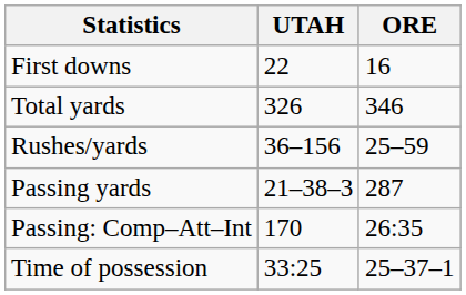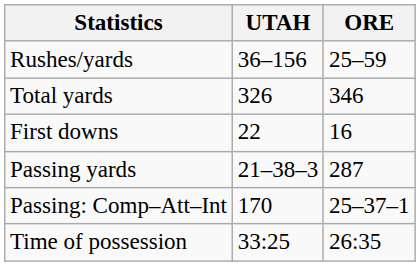 <table class="wikitable" style="float: left;">
 <tr>
 <th>Statistics</th>
 <th>UTAH</th>
 <th>ORE</th>
 </tr>
 <tr>
-<td>First downs</td>
-<td>22</td>
-<td>16</td>
+<td>Rushes/yards</td>
+<td>36–156</td>
+<td>25–59</td>
 </tr>
 <tr>
 <td>Total yards</td>
 <td>326</td>
 <td>346</td>
 </tr>
 <tr>
-<td>Rushes/yards</td>
-<td>36–156</td>
-<td>25–59</td>
+<td>First downs</td>
+<td>22</td>
+<td>16</td>
 </tr>
 <tr>
 <td>Passing yards</td>
 <td>21–38–3</td>
 <td>287</td>
 </tr>
 <tr>
 <td>Passing: Comp–Att–Int</td>
 <td>170</td>
-<td>26:35</td>
+<td>25–37–1</td>
 </tr>
 <tr>
 <td>Time of possession</td>
 <td>33:25</td>
-<td>25–37–1</td>
+<td>26:35</td>
 </tr>
 </table>
